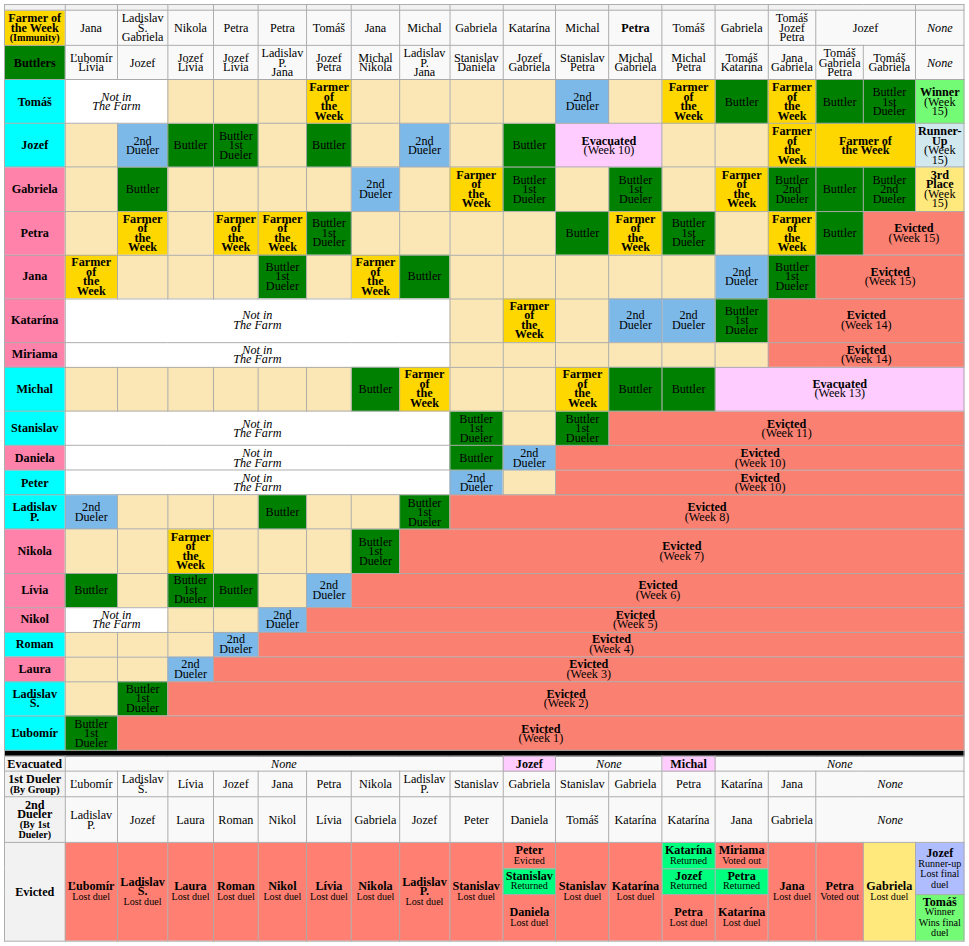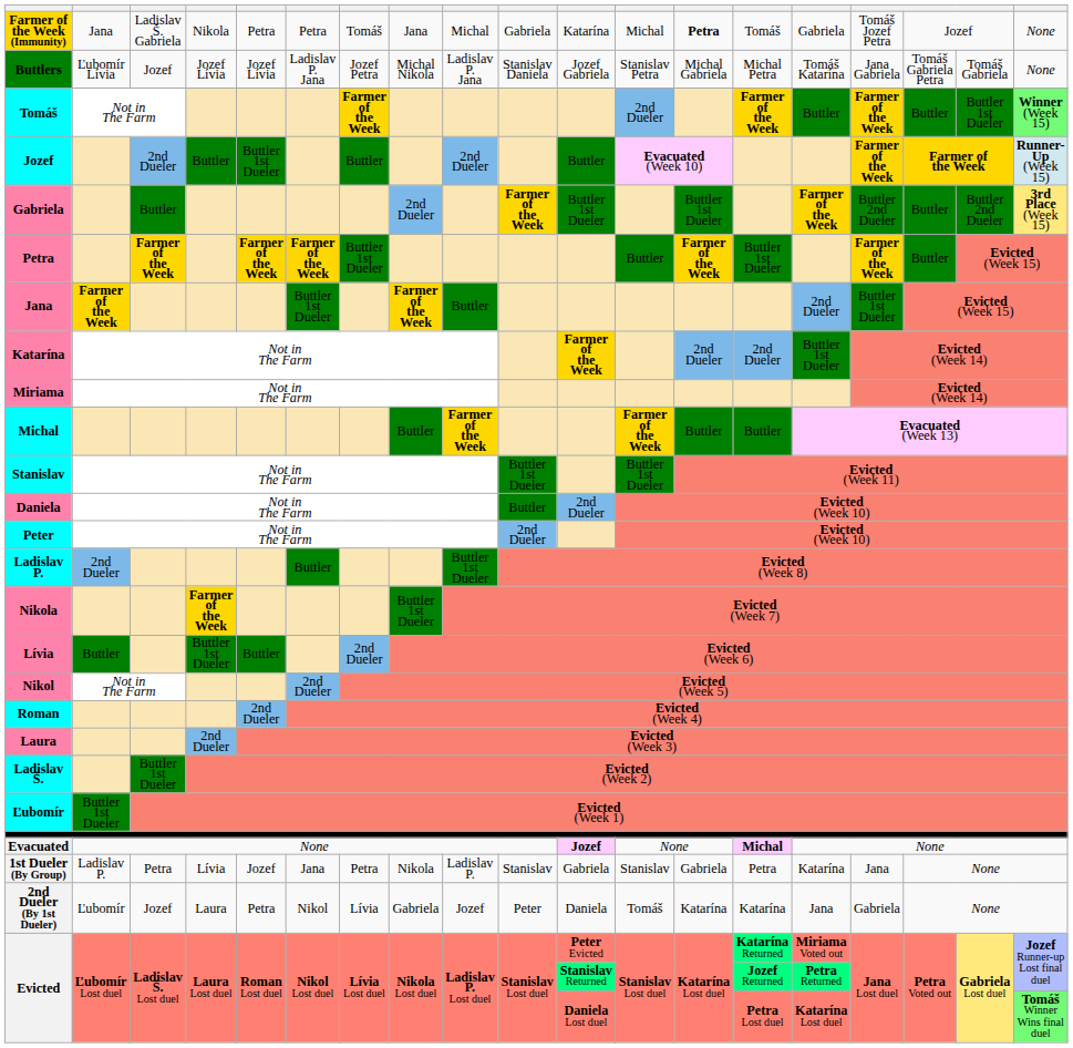 <table class="wikitable" style="text-align:center; width:80%; font-size:80%; line-height:10px">
 <tr>
 <th></th>
 <th></th>
 <th></th>
 <th></th>
 <th></th>
 <th></th>
 <th></th>
 <th></th>
 <th></th>
 <th></th>
 <th></th>
 <th></th>
 <th></th>
 <th></th>
 <th></th>
 <th colspan=3></th>
 <th></th>
 </tr>
 <tr>
 <th style="background:gold;" colspan=1>Farmer of the Week<br><small>(Immunity)</small></th>
 <td>Jana</td>
 <td>Ladislav Š.<br>Gabriela</td>
 <td>Nikola</td>
 <td>Petra</td>
 <td>Petra</td>
 <td>Tomáš</td>
 <td>Jana</td>
 <td>Michal</td>
 <td>Gabriela</td>
 <td>Katarína</td>
 <td>Michal</td>
 <td><strong>Petra</strong></td>
 <td>Tomáš</td>
 <td>Gabriela</td>
 <td>Tomáš<br>Jozef<br>Petra</td>
 <td colspan=2>Jozef</td>
 <td><em>None</em></td>
 </tr>
 <tr>
 <th style="background:#008000;">Buttlers</th>
 <td>Ľubomír<br>Lívia</td>
 <td>Jozef</td>
 <td>Jozef<br>Lívia</td>
 <td>Jozef<br>Lívia</td>
 <td>Ladislav P.<br>Jana</td>
 <td>Jozef<br>Petra</td>
 <td>Michal<br>Nikola</td>
 <td>Ladislav P.<br>Jana</td>
 <td>Stanislav<br>Daniela</td>
 <td>Jozef<br>Gabriela</td>
 <td>Stanislav<br>Petra</td>
 <td>Michal<br>Gabriela</td>
 <td>Michal<br>Petra</td>
 <td>Tomáš<br>Katarína</td>
 <td>Jana<br>Gabriela</td>
 <td>Tomáš<br>Gabriela<br>Petra</td>
 <td>Tomáš<br>Gabriela</td>
 <td colspan=3><em>None</em></td>
 </tr>
 <tr>
 </tr>
 <tr>
 <th style="background:cyan;">Tomáš</th>
 <td style="background:#FFFFFF; text-align:center;" colspan=2><em>Not in<br>The Farm</em></td>
 <td style="background:#FAE7B5;"></td>
 <td style="background:#FAE7B5;"></td>
 <td style="background:#FAE7B5;"></td>
 <td style="background:gold;"><strong>Farmer of<br>the Week</strong></td>
 <td style="background:#FAE7B5;"></td>
 <td style="background:#FAE7B5;"></td>
 <td style="background:#FAE7B5;"></td>
 <td style="background:#FAE7B5;"></td>
 <td style="background:#7CB9E8;">2nd Dueler</td>
 <td style="background:#FAE7B5;"></td>
 <td style="background:gold;"><strong>Farmer of<br>the Week</strong></td>
 <td style="background:#008000;">Buttler</td>
 <td style="background:gold;"><strong>Farmer of<br>the Week</strong></td>
 <td style="background:#008000;">Buttler</td>
 <td style="background:#008000;">Buttler<br>1st Dueler</td>
 <td style="background:#73FB76" colspan=2><strong>Winner</strong> <br> (Week 15)</td>
 </tr>
 <tr>
 <th style="background:cyan;">Jozef</th>
 <td style="background:#FAE7B5;"></td>
 <td style="background:#7CB9E8;">2nd Dueler</td>
 <td style="background:#008000;">Buttler</td>
 <td style="background:#008000;">Buttler<br>1st Dueler</td>
 <td style="background:#FAE7B5;"></td>
 <td style="background:#008000;">Buttler</td>
 <td style="background:#FAE7B5;"></td>
 <td style="background:#7CB9E8;">2nd Dueler</td>
 <td style="background:#FAE7B5;"></td>
 <td style="background:#008000;">Buttler</td>
 <td style="background:#fcf; text-align:center;" colspan=2><strong>Evacuated</strong> <br> (Week 10)</td>
 <td style="background:#FAE7B5;"></td>
 <td style="background:#FAE7B5;"></td>
 <td style="background:gold;"><strong>Farmer of<br>the Week</strong></td>
 <td colspan=2 style="background:gold;"><strong>Farmer of<br>the Week</strong></td>
 <td style="background:#D1E8EF" colspan=2><strong>Runner-Up</strong> <br> (Week 15)</td>
 </tr>
 <tr>
 <th style="background:#FF82AB;">Gabriela</th>
 <td style="background:#FAE7B5;"></td>
 <td style="background:#008000;">Buttler</td>
 <td style="background:#FAE7B5;"></td>
 <td style="background:#FAE7B5;"></td>
 <td style="background:#FAE7B5;"></td>
 <td style="background:#FAE7B5;"></td>
 <td style="background:#7CB9E8;">2nd Dueler</td>
 <td style="background:#FAE7B5;"></td>
 <td style="background:gold;"><strong>Farmer of<br>the Week</strong></td>
 <td style="background:#008000;">Buttler<br>1st Dueler</td>
 <td style="background:#FAE7B5;"></td>
 <td style="background:#008000;">Buttler<br>1st Dueler</td>
 <td style="background:#FAE7B5;"></td>
 <td style="background:gold;"><strong>Farmer of<br>the Week</strong></td>
 <td style="background:#008000;">Buttler<br>2nd Dueler</td>
 <td style="background:#008000;">Buttler</td>
 <td style="background:#008000;">Buttler<br>2nd Dueler</td>
 <td style="background:#FFE87C" colspan=2><strong>3rd Place</strong> <br> (Week 15)</td>
 </tr>
 <tr>
 <th style="background:#FF82AB;">Petra</th>
 <td style="background:#FAE7B5;"></td>
 <td style="background:gold;"><strong>Farmer of<br>the Week</strong></td>
 <td style="background:#FAE7B5;"></td>
 <td style="background:gold;"><strong>Farmer of<br>the Week</strong></td>
 <td style="background:gold;"><strong>Farmer of<br>the Week</strong></td>
 <td style="background:#008000;">Buttler<br>1st Dueler</td>
 <td style="background:#FAE7B5;"></td>
 <td style="background:#FAE7B5;"></td>
 <td style="background:#FAE7B5;"></td>
 <td style="background:#FAE7B5;"></td>
 <td style="background:#008000;">Buttler</td>
 <td style="background:gold;"><strong>Farmer of<br>the Week</strong></td>
 <td style="background:#008000;">Buttler<br>1st Dueler</td>
 <td style="background:#FAE7B5;"></td>
 <td style="background:gold;"><strong>Farmer of<br>the Week</strong></td>
 <td style="background:#008000;">Buttler</td>
 <td colspan=16 style="background:salmon;"><strong>Evicted</strong> <br> (Week 15)</td>
 </tr>
 <tr>
 <th style="background:#FF82AB;">Jana</th>
 <td style="background:gold;"><strong>Farmer of<br>the Week</strong></td>
 <td style="background:#FAE7B5;"></td>
 <td style="background:#FAE7B5;"></td>
 <td style="background:#FAE7B5;"></td>
 <td style="background:#008000;">Buttler<br>1st Dueler</td>
 <td style="background:#FAE7B5;"></td>
 <td style="background:gold;"><strong>Farmer of<br>the Week</strong></td>
 <td style="background:#008000;">Buttler</td>
 <td style="background:#FAE7B5;"></td>
 <td style="background:#FAE7B5;"></td>
 <td style="background:#FAE7B5;"></td>
 <td style="background:#FAE7B5;"></td>
 <td style="background:#FAE7B5;"></td>
 <td style="background:#7CB9E8;">2nd Dueler</td>
 <td style="background:#008000;">Buttler<br>1st Dueler</td>
 <td colspan=16 style="background:salmon;"><strong>Evicted</strong> <br> (Week 15)</td>
 </tr>
 <tr>
 <th style="background:#FF82AB;">Katarína</th>
 <td style="background:#FFFFFF; text-align:center;" colspan=8><em>Not in<br>The Farm</em></td>
 <td style="background:#FAE7B5;"></td>
 <td style="background:gold;"><strong>Farmer of<br>the Week</strong></td>
 <td style="background:#FAE7B5;"></td>
 <td style="background:#7CB9E8;">2nd Dueler</td>
 <td style="background:#7CB9E8;">2nd Dueler</td>
 <td style="background:#008000;">Buttler<br>1st Dueler</td>
 <td colspan=16 style="background:salmon;"><strong>Evicted</strong> <br> (Week 14)</td>
 </tr>
 <tr>
 <th style="background:#FF82AB;">Miriama</th>
 <td style="background:#FFFFFF; text-align:center;" colspan=8><em>Not in<br>The Farm</em></td>
 <td style="background:#FAE7B5;"></td>
 <td style="background:#FAE7B5;"></td>
 <td style="background:#FAE7B5;"></td>
 <td style="background:#FAE7B5;"></td>
 <td style="background:#FAE7B5;"></td>
 <td style="background:#FAE7B5;"></td>
 <td colspan=16 style="background:salmon;"><strong>Evicted</strong> <br> (Week 14)</td>
 </tr>
 <tr>
 <th style="background:cyan;">Michal</th>
 <td style="background:#FAE7B5;"></td>
 <td style="background:#FAE7B5;"></td>
 <td style="background:#FAE7B5;"></td>
 <td style="background:#FAE7B5;"></td>
 <td style="background:#FAE7B5;"></td>
 <td style="background:#FAE7B5;"></td>
 <td style="background:#008000;">Buttler</td>
 <td style="background:gold;"><strong>Farmer of<br>the Week</strong></td>
 <td style="background:#FAE7B5;"></td>
 <td style="background:#FAE7B5;"></td>
 <td style="background:gold;"><strong>Farmer of<br>the Week</strong></td>
 <td style="background:#008000;">Buttler</td>
 <td style="background:#008000;">Buttler</td>
 <td style="background:#fcf; text-align:center;" colspan=16><strong>Evacuated</strong> <br> (Week 13)</td>
 </tr>
 <tr>
 <th style="background:cyan;">Stanislav</th>
 <td style="background:#FFFFFF; text-align:center;" colspan=8><em>Not in<br>The Farm</em></td>
 <td style="background:#008000;">Buttler<br>1st Dueler</td>
 <td style="background:#FAE7B5;"></td>
 <td style="background:#008000;">Buttler<br>1st Dueler</td>
 <td colspan=16 style="background:salmon;"><strong>Evicted</strong> <br> (Week 11)</td>
 </tr>
 <tr>
 <th style="background:#FF82AB;">Daniela</th>
 <td style="background:#FFFFFF; text-align:center;" colspan=8><em>Not in<br>The Farm</em></td>
 <td style="background:#008000;">Buttler</td>
 <td style="background:#7CB9E8;">2nd Dueler</td>
 <td colspan=16 style="background:salmon;"><strong>Evicted</strong> <br> (Week 10)</td>
 </tr>
 <tr>
 <th style="background:cyan;">Peter</th>
 <td style="background:#FFFFFF; text-align:center;" colspan=8><em>Not in<br>The Farm</em></td>
 <td style="background:#7CB9E8;">2nd Dueler</td>
 <td style="background:#FAE7B5;"></td>
 <td colspan=16 style="background:salmon;"><strong>Evicted</strong> <br> (Week 10)</td>
 </tr>
 <tr>
 <th style="background:cyan;">Ladislav P.</th>
 <td style="background:#7CB9E8;">2nd Dueler</td>
 <td style="background:#FAE7B5;"></td>
 <td style="background:#FAE7B5;"></td>
 <td style="background:#FAE7B5;"></td>
 <td style="background:#008000;">Buttler</td>
 <td style="background:#FAE7B5;"></td>
 <td style="background:#FAE7B5;"></td>
 <td style="background:#008000;">Buttler<br>1st Dueler</td>
 <td colspan=16 style="background:salmon;"><strong>Evicted</strong> <br> (Week 8)</td>
 </tr>
 <tr>
 <th style="background:#FF82AB;">Nikola</th>
 <td style="background:#FAE7B5;"></td>
 <td style="background:#FAE7B5;"></td>
 <td style="background:gold;"><strong>Farmer of<br>the Week</strong></td>
 <td style="background:#FAE7B5;"></td>
 <td style="background:#FAE7B5;"></td>
 <td style="background:#FAE7B5;"></td>
 <td style="background:#008000;">Buttler<br>1st Dueler</td>
 <td colspan=16 style="background:salmon;"><strong>Evicted</strong> <br> (Week 7)</td>
 </tr>
 <tr>
 <th style="background:#FF82AB;">Lívia</th>
 <td style="background:#008000;">Buttler</td>
 <td style="background:#FAE7B5;"></td>
 <td style="background:#008000;">Buttler<br>1st Dueler</td>
 <td style="background:#008000;">Buttler</td>
 <td style="background:#FAE7B5;"></td>
 <td style="background:#7CB9E8;">2nd Dueler</td>
 <td colspan=16 style="background:salmon;"><strong>Evicted</strong> <br> (Week 6)</td>
 </tr>
 <tr>
 <th style="background:#FF82AB;">Nikol</th>
 <td style="background:#FFFFFF; text-align:center;" colspan=2><em>Not in<br>The Farm</em></td>
 <td style="background:#FAE7B5;"></td>
 <td style="background:#FAE7B5;"></td>
 <td style="background:#7CB9E8;">2nd Dueler</td>
 <td colspan=16 style="background:salmon;"><strong>Evicted</strong> <br> (Week 5)</td>
 </tr>
 <tr>
 <th style="background:cyan;">Roman</th>
 <td style="background:#FAE7B5;"></td>
 <td style="background:#FAE7B5;"></td>
 <td style="background:#FAE7B5;"></td>
 <td style="background:#7CB9E8;">2nd Dueler</td>
 <td colspan=16 style="background:salmon;"><strong>Evicted</strong> <br> (Week 4)</td>
 </tr>
 <tr>
 <th style="background:#FF82AB;">Laura</th>
 <td style="background:#FAE7B5;"></td>
 <td style="background:#FAE7B5;"></td>
 <td style="background:#7CB9E8;">2nd Dueler</td>
 <td colspan=16 style="background:salmon;"><strong>Evicted</strong> <br> (Week 3)</td>
 </tr>
 <tr>
 <th style="background:cyan;">Ladislav Š.</th>
 <td style="background:#FAE7B5;"></td>
 <td style="background:#008000;">Buttler<br>1st Dueler</td>
 <td colspan=16 style="background:salmon;"><strong>Evicted</strong> <br> (Week 2)</td>
 </tr>
 <tr>
 <th style="background:cyan;">Ľubomír</th>
 <td style="background:#008000;">Buttler<br>1st Dueler</td>
 <td colspan=17 style="background:salmon;"><strong>Evicted</strong> <br> (Week 1)</td>
 </tr>
 <tr>
 <th style="background:#000000;" colspan="19"></th>
 </tr>
 <tr>
 <th>Evacuated</th>
 <td colspan="9"><em>None</em></td>
 <td style="background:#fcf;"><strong>Jozef</strong></td>
 <td colspan="2"><em>None</em></td>
 <td style="background:#fcf;"><strong>Michal</strong></td>
 <td colspan="10"><em>None</em></td>
 </tr>
 <tr>
 <th>1st Dueler<br><small>(By Group)</small></th>
-<td>Ľubomír</td>
-<td>Ladislav Š.</td>
+<td>Ladislav P.</td>
+<td>Petra</td>
 <td>Lívia</td>
 <td>Jozef</td>
 <td>Jana</td>
 <td>Petra</td>
 <td>Nikola</td>
 <td>Ladislav P.</td>
 <td>Stanislav</td>
 <td>Gabriela</td>
 <td>Stanislav</td>
 <td>Gabriela</td>
 <td>Petra</td>
 <td>Katarína</td>
 <td>Jana</td>
 <td colspan=3><em>None</em></td>
 </tr>
 <tr>
 <th>2nd Dueler<br><small>(By 1st Dueler)</small></th>
-<td>Ladislav P.</td>
+<td>Ľubomír</td>
 <td>Jozef</td>
 <td>Laura</td>
-<td>Roman</td>
+<td>Petra</td>
 <td>Nikol</td>
 <td>Lívia</td>
 <td>Gabriela</td>
 <td>Jozef</td>
 <td>Peter</td>
 <td>Daniela</td>
 <td>Tomáš</td>
 <td>Katarína</td>
 <td>Katarína</td>
 <td>Jana</td>
 <td>Gabriela</td>
 <td colspan=3><em>None</em></td>
 </tr>
 <tr>
 <th rowspan="3">Evicted</th>
 <td rowspan="3" style="background:#FF8072"><strong>Ľubomír</strong><br><small>Lost duel</small></td>
 <td rowspan="3" style="background:#FF8072"><strong>Ladislav Š.</strong><br><small>Lost duel</small></td>
 <td rowspan="3" style="background:#FF8072"><strong>Laura</strong><br><small>Lost duel</small></td>
 <td rowspan="3" style="background:#FF8072"><strong>Roman</strong><br><small>Lost duel</small></td>
 <td rowspan="3" style="background:#FF8072"><strong>Nikol</strong><br><small>Lost duel</small></td>
 <td rowspan="3" style="background:#FF8072"><strong>Lívia</strong><br><small>Lost duel</small></td>
 <td rowspan="3" style="background:#FF8072"><strong>Nikola</strong><br><small>Lost duel</small></td>
 <td rowspan="3" style="background:#FF8072"><strong>Ladislav P.</strong><br><small>Lost duel</small></td>
 <td rowspan="3" style="background:#FF8072"><strong>Stanislav</strong><br><small>Lost duel</small></td>
 <td style="background:#FF8072"><strong>Peter</strong><br><small>Evicted</small></td>
 <td rowspan="3" style="background:#FF8072"><strong>Stanislav</strong><br><small>Lost duel</small></td>
 <td rowspan="3" style="background:#FF8072"><strong>Katarína</strong><br><small>Lost duel</small></td>
 <td style="background:#00FF7F"><strong>Katarína</strong><br><small>Returned</small></td>
 <td style="background:#FF8072"><strong>Miriama</strong><br><small>Voted out</small></td>
 <td rowspan="3" style="background:#FF8072"><strong>Jana</strong><br><small>Lost duel</small></td>
 <td rowspan="3" style="background:#FF8072"><strong>Petra</strong><br><small>Voted out</small></td>
 <td rowspan="3" style="background:#FFE87C"><strong>Gabriela</strong><br><small>Lost duel</small></td>
 <td rowspan="2" style="background:#afbdff"><strong>Jozef</strong><br><small>Runner-up<br>Lost final duel</small></td>
 </tr>
 <tr>
 <td style="background:#00FF7F"><strong>Stanislav</strong><br><small>Returned</small></td>
 <td style="background:#00FF7F"><strong>Jozef</strong><br><small>Returned</small></td>
 <td style="background:#00FF7F"><strong>Petra</strong><br><small>Returned</small></td>
 </tr>
 <tr>
 <td style="background:#FF8072"><strong>Daniela</strong><br><small>Lost duel</small></td>
 <td style="background:#FF8072"><strong>Petra</strong><br><small>Lost duel</small></td>
 <td style="background:#FF8072"><strong>Katarína</strong><br><small>Lost duel</small></td>
 <td style="background:#73FB76"><strong>Tomáš</strong><br><small>Winner<br>Wins final duel</small></td>
 </tr>
 </table>
